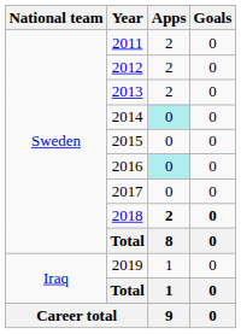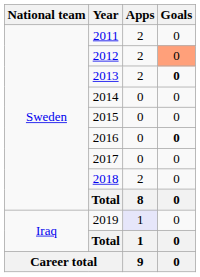 <table class="wikitable" style="text-align:center">
 <tr>
 <th>National team</th>
 <th>Year</th>
 <th>Apps</th>
 <th>Goals</th>
 </tr>
 <tr>
 <td rowspan="9"><a href='#'>Sweden</a></td>
 <td><a href='#'>2011</a></td>
 <td>2</td>
 <td>0</td>
 </tr>
 <tr>
 <td><a href='#'>2012</a></td>
 <td>2</td>
-<td>0</td>
+<td style="background: lightsalmon;">0</td>
 </tr>
 <tr>
 <td><a href='#'>2013</a></td>
 <td>2</td>
-<td>0</td>
+<td><strong>0</strong></td>
 </tr>
 <tr>
 <td>2014</td>
-<td style="background: paleturquoise;">0</td>
+<td>0</td>
 <td>0</td>
 </tr>
 <tr>
 <td>2015</td>
 <td>0</td>
 <td>0</td>
 </tr>
 <tr>
 <td>2016</td>
-<td style="background: paleturquoise;">0</td>
 <td>0</td>
+<td><strong>0</strong></td>
 </tr>
 <tr>
 <td>2017</td>
 <td>0</td>
 <td>0</td>
 </tr>
 <tr>
 <td><a href='#'>2018</a></td>
-<td><strong>2</strong></td>
-<td><strong>0</strong></td>
+<td>2</td>
+<td>0</td>
 </tr>
 <tr>
 <th>Total</th>
 <th>8</th>
 <th>0</th>
 </tr>
 <tr>
 <td rowspan="2"><a href='#'>Iraq</a></td>
 <td>2019</td>
-<td>1</td>
+<td style="background: lavender;">1</td>
 <td>0</td>
 </tr>
 <tr>
 <th>Total</th>
 <th>1</th>
 <th>0</th>
 </tr>
 <tr>
 <th colspan="2">Career total</th>
 <th>9</th>
 <th>0</th>
 </tr>
 </table>
